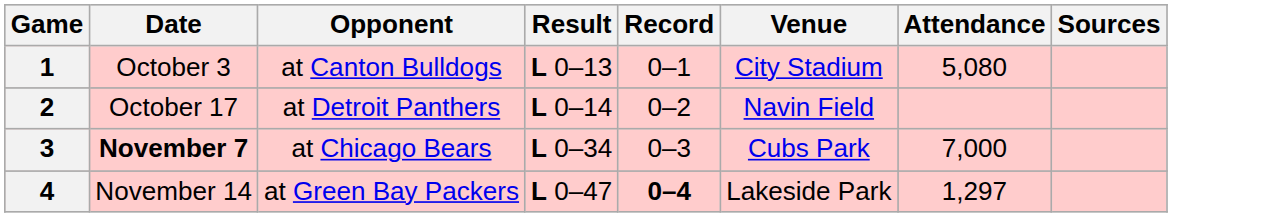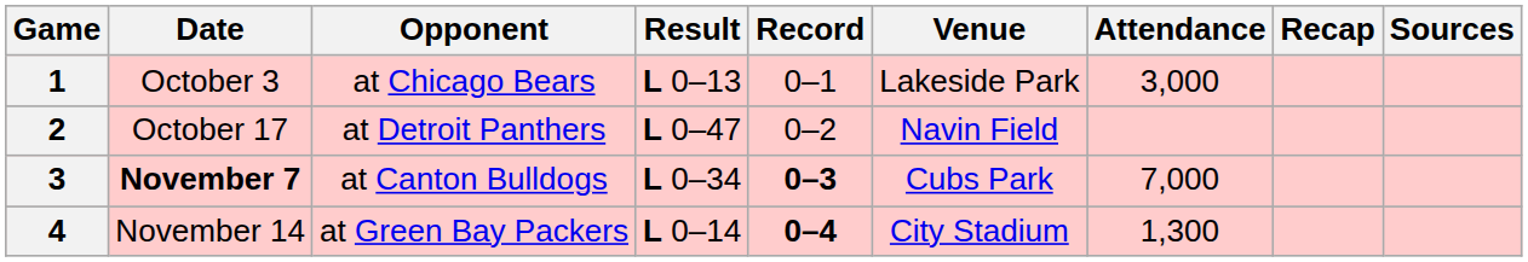 <table class="wikitable" style="text-align:center">
 <tr>
 <th>Game</th>
 <th>Date</th>
 <th>Opponent</th>
 <th>Result</th>
 <th>Record</th>
 <th>Venue</th>
 <th>Attendance</th>
+<th>Recap</th>
 <th>Sources</th>
 </tr>
 <tr style="background:#fcc">
 <th>1</th>
 <td>October 3</td>
-<td>at <a href='#'>Canton Bulldogs</a></td>
+<td>at <a href='#'>Chicago Bears</a></td>
 <td><strong>L</strong> 0–13</td>
 <td>0–1</td>
-<td><a href='#'>City Stadium</a></td>
-<td>5,080</td>
+<td>Lakeside Park</td>
+<td>3,000</td>
+<td></td>
 <td></td>
 </tr>
 <tr style="background:#fcc">
 <th>2</th>
 <td>October 17</td>
 <td>at <a href='#'>Detroit Panthers</a></td>
-<td><strong>L</strong> 0–14</td>
+<td><strong>L</strong> 0–47</td>
 <td>0–2</td>
 <td><a href='#'>Navin Field</a></td>
+<td></td>
 <td></td>
 <td></td>
 </tr>
 <tr style="background:#fcc">
 <th>3</th>
 <td><strong>November 7</strong></td>
-<td>at <a href='#'>Chicago Bears</a></td>
+<td>at <a href='#'>Canton Bulldogs</a></td>
 <td><strong>L</strong> 0–34</td>
-<td>0–3</td>
+<td><strong>0–3</strong></td>
 <td><a href='#'>Cubs Park</a></td>
 <td>7,000</td>
+<td></td>
 <td></td>
 </tr>
 <tr style="background:#fcc">
 <th>4</th>
 <td>November 14</td>
 <td>at <a href='#'>Green Bay Packers</a></td>
-<td><strong>L</strong> 0–47</td>
+<td><strong>L</strong> 0–14</td>
 <td><strong>0–4</strong></td>
-<td>Lakeside Park</td>
-<td>1,297</td>
+<td><a href='#'>City Stadium</a></td>
+<td>1,300</td>
+<td></td>
 <td></td>
 </tr>
 </table>
